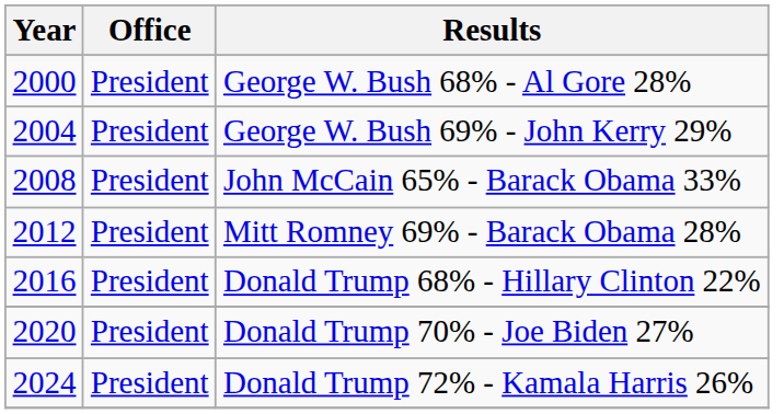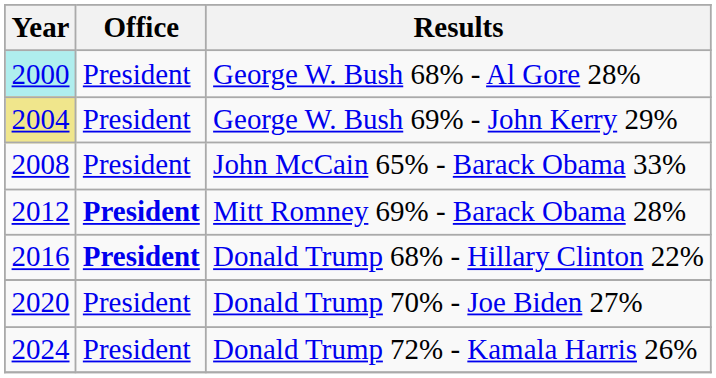 <table class=wikitable>
 <tr>
 <th>Year</th>
 <th>Office</th>
 <th>Results</th>
 </tr>
 <tr>
-<td><a href='#'>2000</a></td>
+<td style="background: paleturquoise;"><a href='#'>2000</a></td>
 <td><a href='#'>President</a></td>
 <td align="left" ><a href='#'>George W. Bush</a> 68% - <a href='#'>Al Gore</a> 28%</td>
 </tr>
 <tr>
-<td><a href='#'>2004</a></td>
+<td style="background: khaki;"><a href='#'>2004</a></td>
 <td><a href='#'>President</a></td>
 <td align="left" ><a href='#'>George W. Bush</a> 69% - <a href='#'>John Kerry</a> 29%</td>
 </tr>
 <tr>
 <td><a href='#'>2008</a></td>
 <td><a href='#'>President</a></td>
 <td align="left" ><a href='#'>John McCain</a> 65% - <a href='#'>Barack Obama</a> 33%</td>
 </tr>
 <tr>
 <td><a href='#'>2012</a></td>
-<td><a href='#'>President</a></td>
+<td><strong><a href='#'>President</a></strong></td>
 <td align="left" ><a href='#'>Mitt Romney</a> 69% - <a href='#'>Barack Obama</a> 28%</td>
 </tr>
 <tr>
 <td><a href='#'>2016</a></td>
-<td><a href='#'>President</a></td>
+<td><strong><a href='#'>President</a></strong></td>
 <td align="left" ><a href='#'>Donald Trump</a> 68% - <a href='#'>Hillary Clinton</a> 22%</td>
 </tr>
 <tr>
 </tr>
 <tr>
 <td><a href='#'>2020</a></td>
 <td><a href='#'>President</a></td>
 <td align="left" ><a href='#'>Donald Trump</a> 70% - <a href='#'>Joe Biden</a> 27%</td>
 </tr>
 <tr>
 <td><a href='#'>2024</a></td>
 <td><a href='#'>President</a></td>
 <td align="left" ><a href='#'>Donald Trump</a> 72% - <a href='#'>Kamala Harris</a> 26%</td>
 </tr>
 <tr>
 </tr>
 </table>
